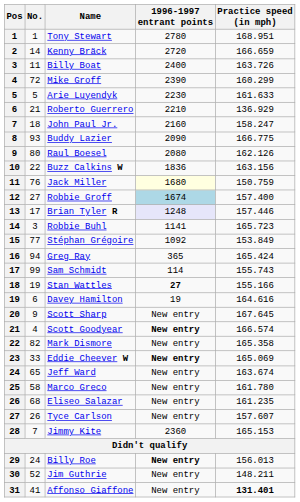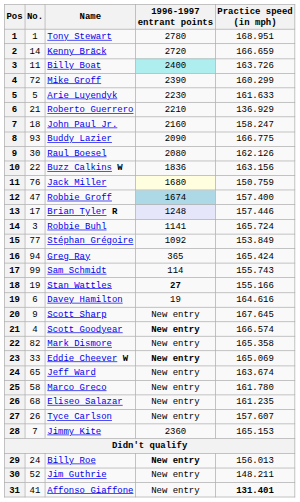 <table class="wikitable sortable" " style="fontsize:95%">
 <tr>
 <th>Pos</th>
 <th>No.</th>
 <th>Name</th>
 <th>1996-1997<br>entrant points</th>
 <th>Practice speed<br>(in mph)</th>
 </tr>
 <tr>
 <th scope="row">1</th>
 <td align=center>1</td>
 <td> <a href='#'>Tony Stewart</a></td>
 <td align=center>2780</td>
 <td align="center">168.951</td>
 </tr>
 <tr>
 <th scope="row">2</th>
 <td align=center>14</td>
 <td> <a href='#'>Kenny Bräck</a></td>
 <td align=center>2720</td>
 <td align="center">166.659</td>
 </tr>
 <tr>
 <th scope="row">3</th>
 <td align=center>11</td>
 <td> <a href='#'>Billy Boat</a></td>
-<td align=center>2400</td>
+<td align=center style="background: paleturquoise;">2400</td>
 <td align="center">163.726</td>
 </tr>
 <tr>
 <th scope="row">4</th>
 <td align=center>72</td>
 <td> <a href='#'>Mike Groff</a></td>
 <td align=center>2390</td>
 <td align="center">160.299</td>
 </tr>
 <tr>
 <th scope="row">5</th>
 <td align=center>5</td>
 <td> <a href='#'>Arie Luyendyk</a></td>
 <td align=center>2230</td>
 <td align="center">161.633</td>
 </tr>
 <tr>
 <th scope="row">6</th>
 <td align=center>21</td>
 <td> <a href='#'>Roberto Guerrero</a></td>
 <td align=center>2210</td>
 <td align="center">136.929</td>
 </tr>
 <tr>
 <th scope="row">7</th>
 <td align=center>18</td>
 <td> <a href='#'>John Paul Jr.</a></td>
 <td align=center>2160</td>
 <td align="center">158.247</td>
 </tr>
 <tr>
 <th scope="row">8</th>
 <td align=center>93</td>
 <td> <a href='#'>Buddy Lazier</a></td>
 <td align=center>2090</td>
 <td align="center">166.775</td>
 </tr>
 <tr>
 <th scope="row">9</th>
-<td align=center>80</td>
+<td align=center>30</td>
 <td> <a href='#'>Raul Boesel</a></td>
 <td align=center>2080</td>
 <td align="center">162.126</td>
 </tr>
 <tr>
 <th scope="row">10</th>
 <td align=center>22</td>
 <td> <a href='#'>Buzz Calkins</a> <strong><span>W</span></strong></td>
 <td align=center>1836</td>
 <td align="center">163.156</td>
 </tr>
 <tr>
 <th scope="row">11</th>
 <td align=center>76</td>
 <td> <a href='#'>Jack Miller</a></td>
 <td align=center style="background: lightyellow;">1680</td>
 <td align="center">150.759</td>
 </tr>
 <tr>
 <th scope="row">12</th>
-<td align=center>27</td>
+<td align=center>47</td>
 <td> <a href='#'>Robbie Groff</a></td>
 <td align=center style="background: lightblue;">1674</td>
 <td align="center">157.400</td>
 </tr>
 <tr>
 <th scope="row">13</th>
 <td align=center>17</td>
 <td> <a href='#'>Brian Tyler</a> <strong><span>R</span></strong></td>
 <td align=center style="background: lavender;">1248</td>
 <td align="center">157.446</td>
 </tr>
 <tr>
 <th scope="row">14</th>
 <td align=center>3</td>
 <td> <a href='#'>Robbie Buhl</a></td>
 <td align=center>1141</td>
-<td align="center">165.723</td>
+<td align="center">165.724</td>
 </tr>
 <tr>
 <th scope="row">15</th>
 <td align=center>77</td>
 <td> <a href='#'>Stéphan Grégoire</a></td>
 <td align=center>1092</td>
 <td align="center">153.849</td>
 </tr>
 <tr>
 <th scope="row">16</th>
 <td align=center>94</td>
 <td> <a href='#'>Greg Ray</a></td>
 <td align=center>365</td>
 <td align="center">165.424</td>
 </tr>
 <tr>
 <th scope="row">17</th>
 <td align=center>99</td>
 <td> <a href='#'>Sam Schmidt</a></td>
 <td align=center>114</td>
 <td align="center">155.743</td>
 </tr>
 <tr>
 <th scope="row">18</th>
 <td align=center>19</td>
 <td> <a href='#'>Stan Wattles</a></td>
 <td align=center><strong>27</strong></td>
 <td align="center">155.166</td>
 </tr>
 <tr>
 <th scope="row">19</th>
 <td align=center>6</td>
 <td> <a href='#'>Davey Hamilton</a></td>
 <td align=center>19</td>
 <td align="center">164.616</td>
 </tr>
 <tr>
 <th scope="row">20</th>
 <td align=center>9</td>
 <td> <a href='#'>Scott Sharp</a></td>
 <td align=center>New entry</td>
 <td align="center">167.645</td>
 </tr>
 <tr>
 <th scope="row">21</th>
 <td align=center>4</td>
 <td> <a href='#'>Scott Goodyear</a></td>
 <td align=center><strong>New entry</strong></td>
 <td align="center">166.574</td>
 </tr>
 <tr>
 <th scope="row">22</th>
 <td align=center>82</td>
 <td> <a href='#'>Mark Dismore</a></td>
 <td align=center>New entry</td>
 <td align="center">165.358</td>
 </tr>
 <tr>
 <th scope="row">23</th>
 <td align=center>33</td>
 <td> <a href='#'>Eddie Cheever</a> <strong><span>W</span></strong></td>
 <td align=center><strong>New entry</strong></td>
 <td align="center">165.069</td>
 </tr>
 <tr>
 <th scope="row">24</th>
 <td align=center>65</td>
 <td> <a href='#'>Jeff Ward</a></td>
 <td align=center>New entry</td>
 <td align="center">163.674</td>
 </tr>
 <tr>
 <th scope="row">25</th>
 <td align=center>58</td>
 <td> <a href='#'>Marco Greco</a></td>
 <td align=center>New entry</td>
 <td align="center">161.780</td>
 </tr>
 <tr>
 <th scope="row">26</th>
 <td align=center>68</td>
 <td> <a href='#'>Eliseo Salazar</a></td>
 <td align=center>New entry</td>
 <td align="center">161.235</td>
 </tr>
 <tr>
 <th scope="row">27</th>
 <td align=center>26</td>
 <td> <a href='#'>Tyce Carlson</a></td>
 <td align=center>New entry</td>
 <td align="center">157.607</td>
 </tr>
 <tr>
 <th scope="row">28</th>
 <td align=center>7</td>
 <td> <a href='#'>Jimmy Kite</a></td>
 <td align=center>2360</td>
 <td align="center">165.153</td>
 </tr>
 <tr>
 <th colspan="7">Didn't qualify</th>
 </tr>
 <tr>
 <th scope="row">29</th>
 <td align="center">24</td>
 <td> <a href='#'>Billy Roe</a></td>
 <td align="center"><strong>New entry</strong></td>
 <td align="center">156.013</td>
 </tr>
 <tr>
 <th scope="row">30</th>
 <td align="center">52</td>
 <td> <a href='#'>Jim Guthrie</a></td>
 <td align="center">New entry</td>
 <td align="center">148.211</td>
 </tr>
 <tr>
 <th scope="row">31</th>
 <td align="center">41</td>
 <td> <a href='#'>Affonso Giaffone</a></td>
 <td align="center">New entry</td>
 <td align="center"><strong>131.401</strong></td>
 </tr>
 </table>
